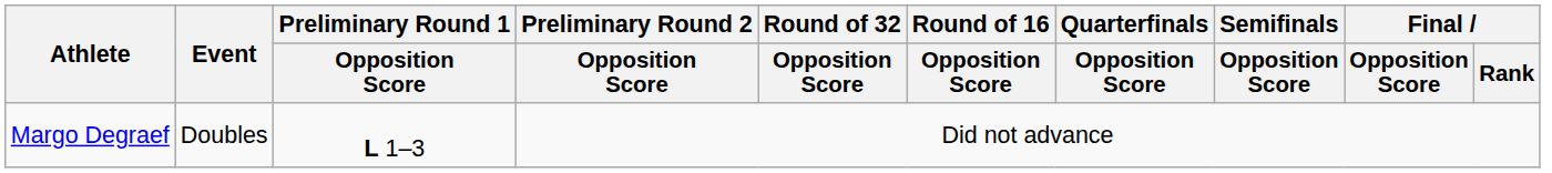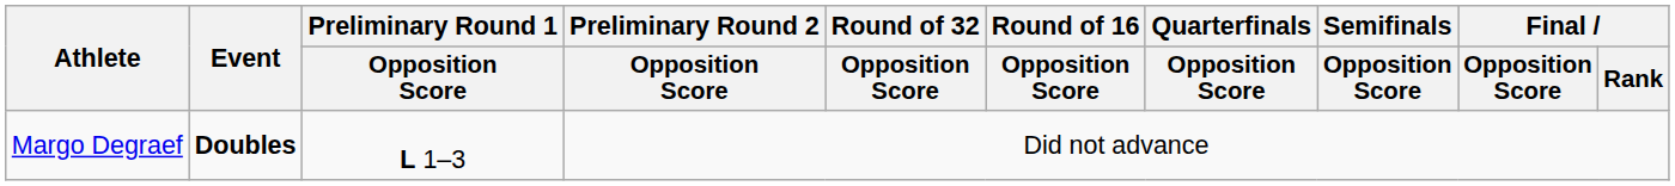 <table class=wikitable style=font-size:90%;text-align:center>
 <tr>
 <th rowspan=2>Athlete</th>
 <th rowspan=2>Event</th>
 <th>Preliminary Round 1</th>
 <th>Preliminary Round 2</th>
 <th>Round of 32</th>
 <th>Round of 16</th>
 <th>Quarterfinals</th>
 <th>Semifinals</th>
 <th colspan=2>Final / </th>
 </tr>
 <tr style=font-size:95%>
 <th>Opposition<br>Score</th>
 <th>Opposition<br>Score</th>
 <th>Opposition<br>Score</th>
 <th>Opposition<br>Score</th>
 <th>Opposition<br>Score</th>
 <th>Opposition<br>Score</th>
 <th>Opposition<br>Score</th>
 <th>Rank</th>
 </tr>
 <tr>
 <td align=left><a href='#'>Margo Degraef</a><br></td>
-<td align=left>Doubles</td>
+<td align=left><strong>Doubles</strong></td>
 <td><br><strong>L</strong> 1–3</td>
 <td colspan=7>Did not advance</td>
 </tr>
 </table>
